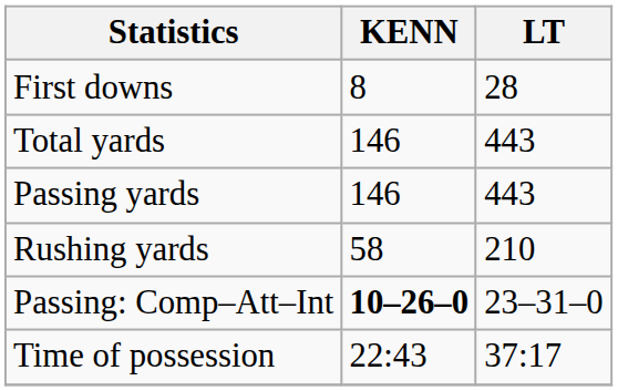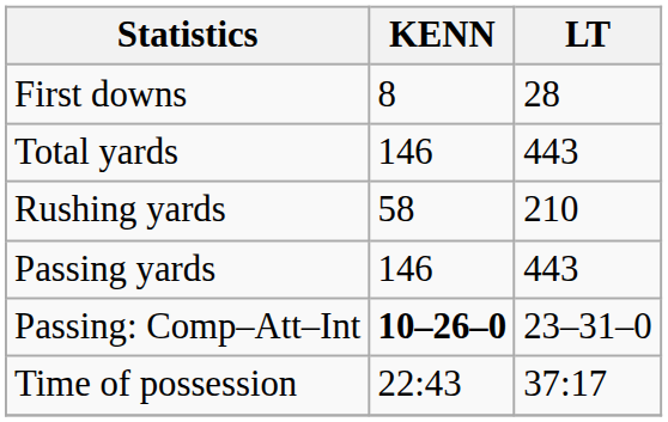 <table class="wikitable" style="float: left;">
 <tr>
 <th>Statistics</th>
 <th>KENN</th>
 <th>LT</th>
 </tr>
 <tr>
 <td>First downs</td>
 <td>8</td>
 <td>28</td>
 </tr>
 <tr>
 <td>Total yards</td>
 <td>146</td>
 <td>443</td>
 </tr>
 <tr>
+<td>Rushing yards</td>
+<td>58</td>
+<td>210</td>
+</tr>
+<tr>
 <td>Passing yards</td>
 <td>146</td>
 <td>443</td>
-</tr>
-<tr>
-<td>Rushing yards</td>
-<td>58</td>
-<td>210</td>
 </tr>
 <tr>
 <td>Passing: Comp–Att–Int</td>
 <td><strong>10–26–0</strong></td>
 <td>23–31–0</td>
 </tr>
 <tr>
 <td>Time of possession</td>
 <td>22:43</td>
 <td>37:17</td>
 </tr>
 <tr>
 </tr>
 </table>
